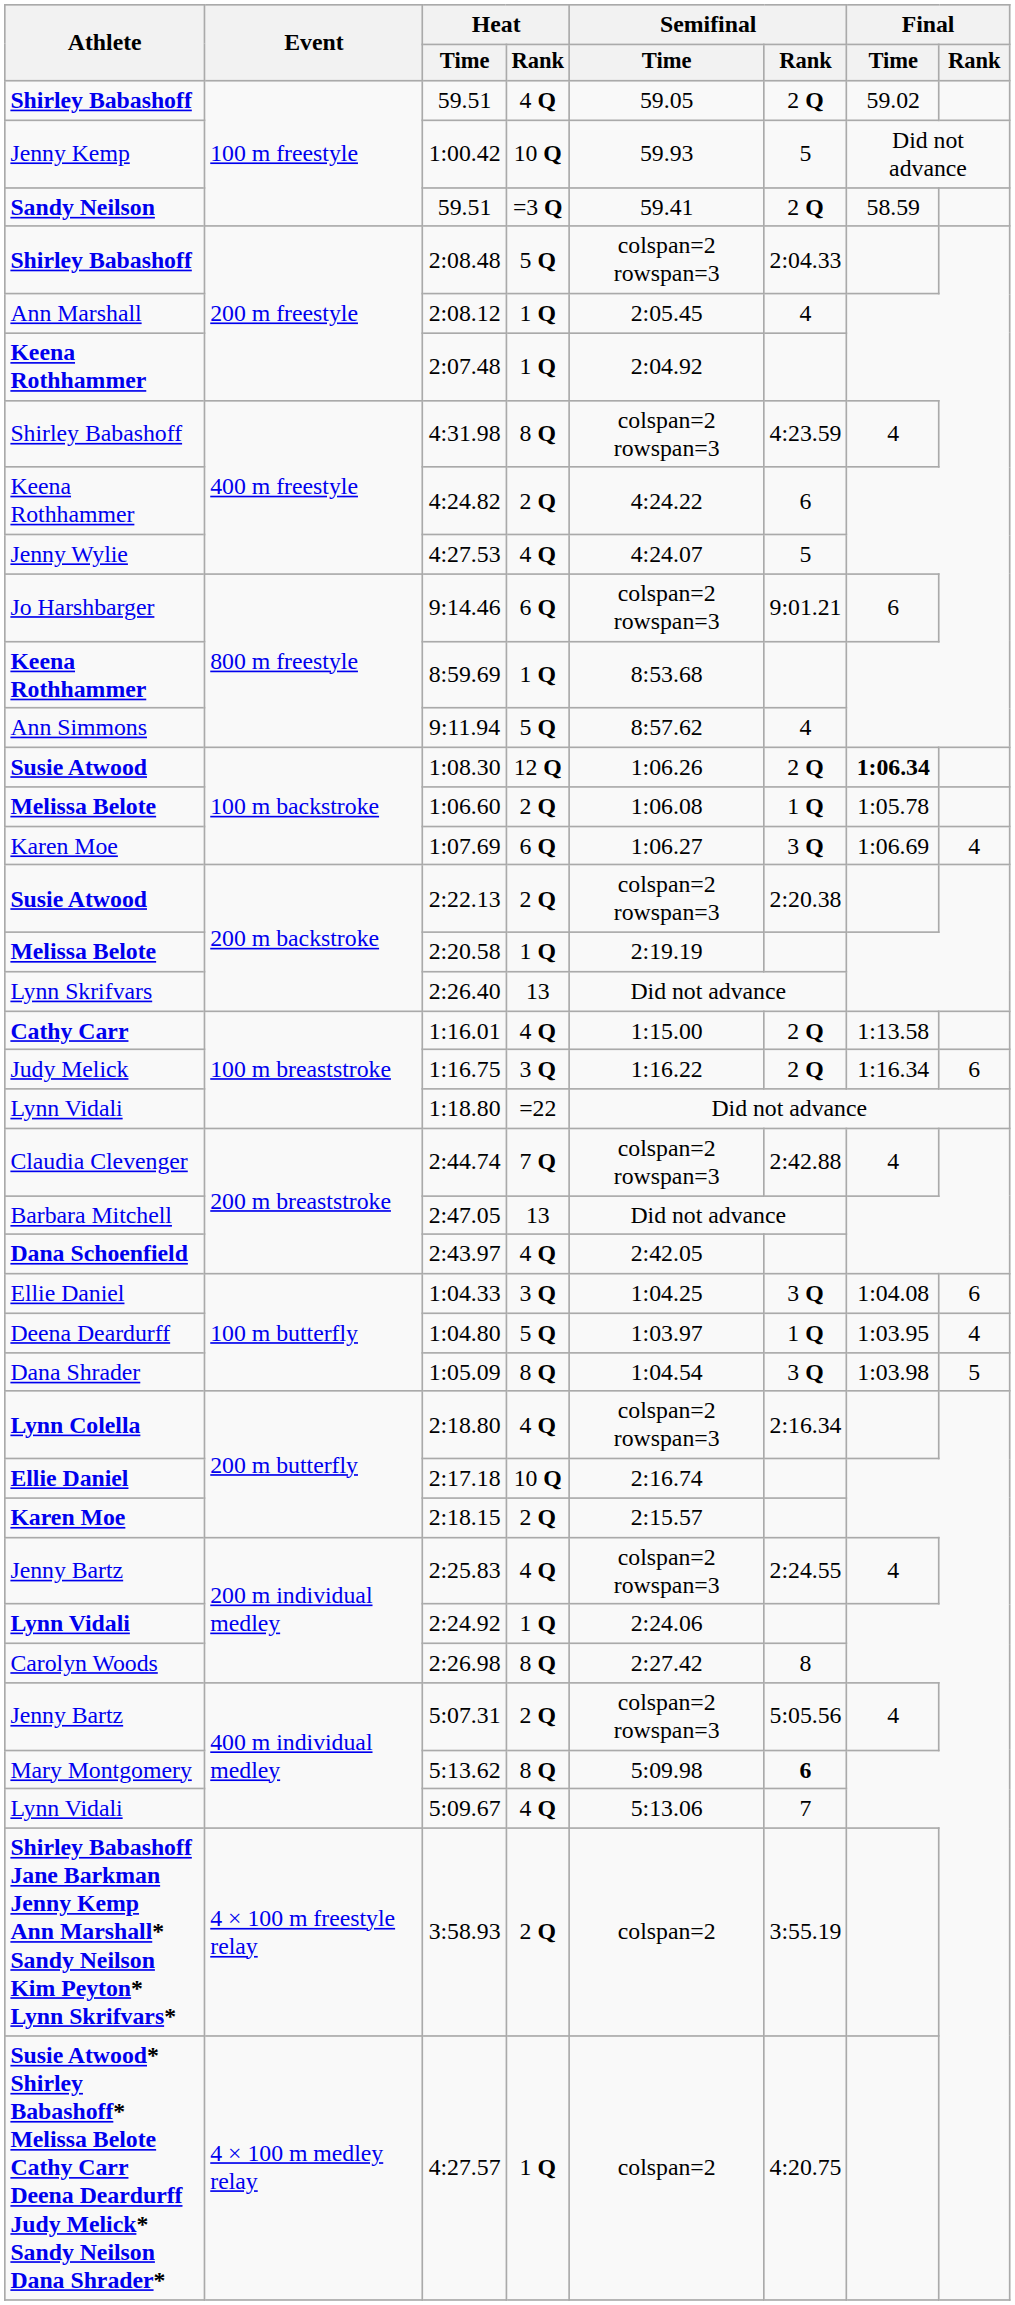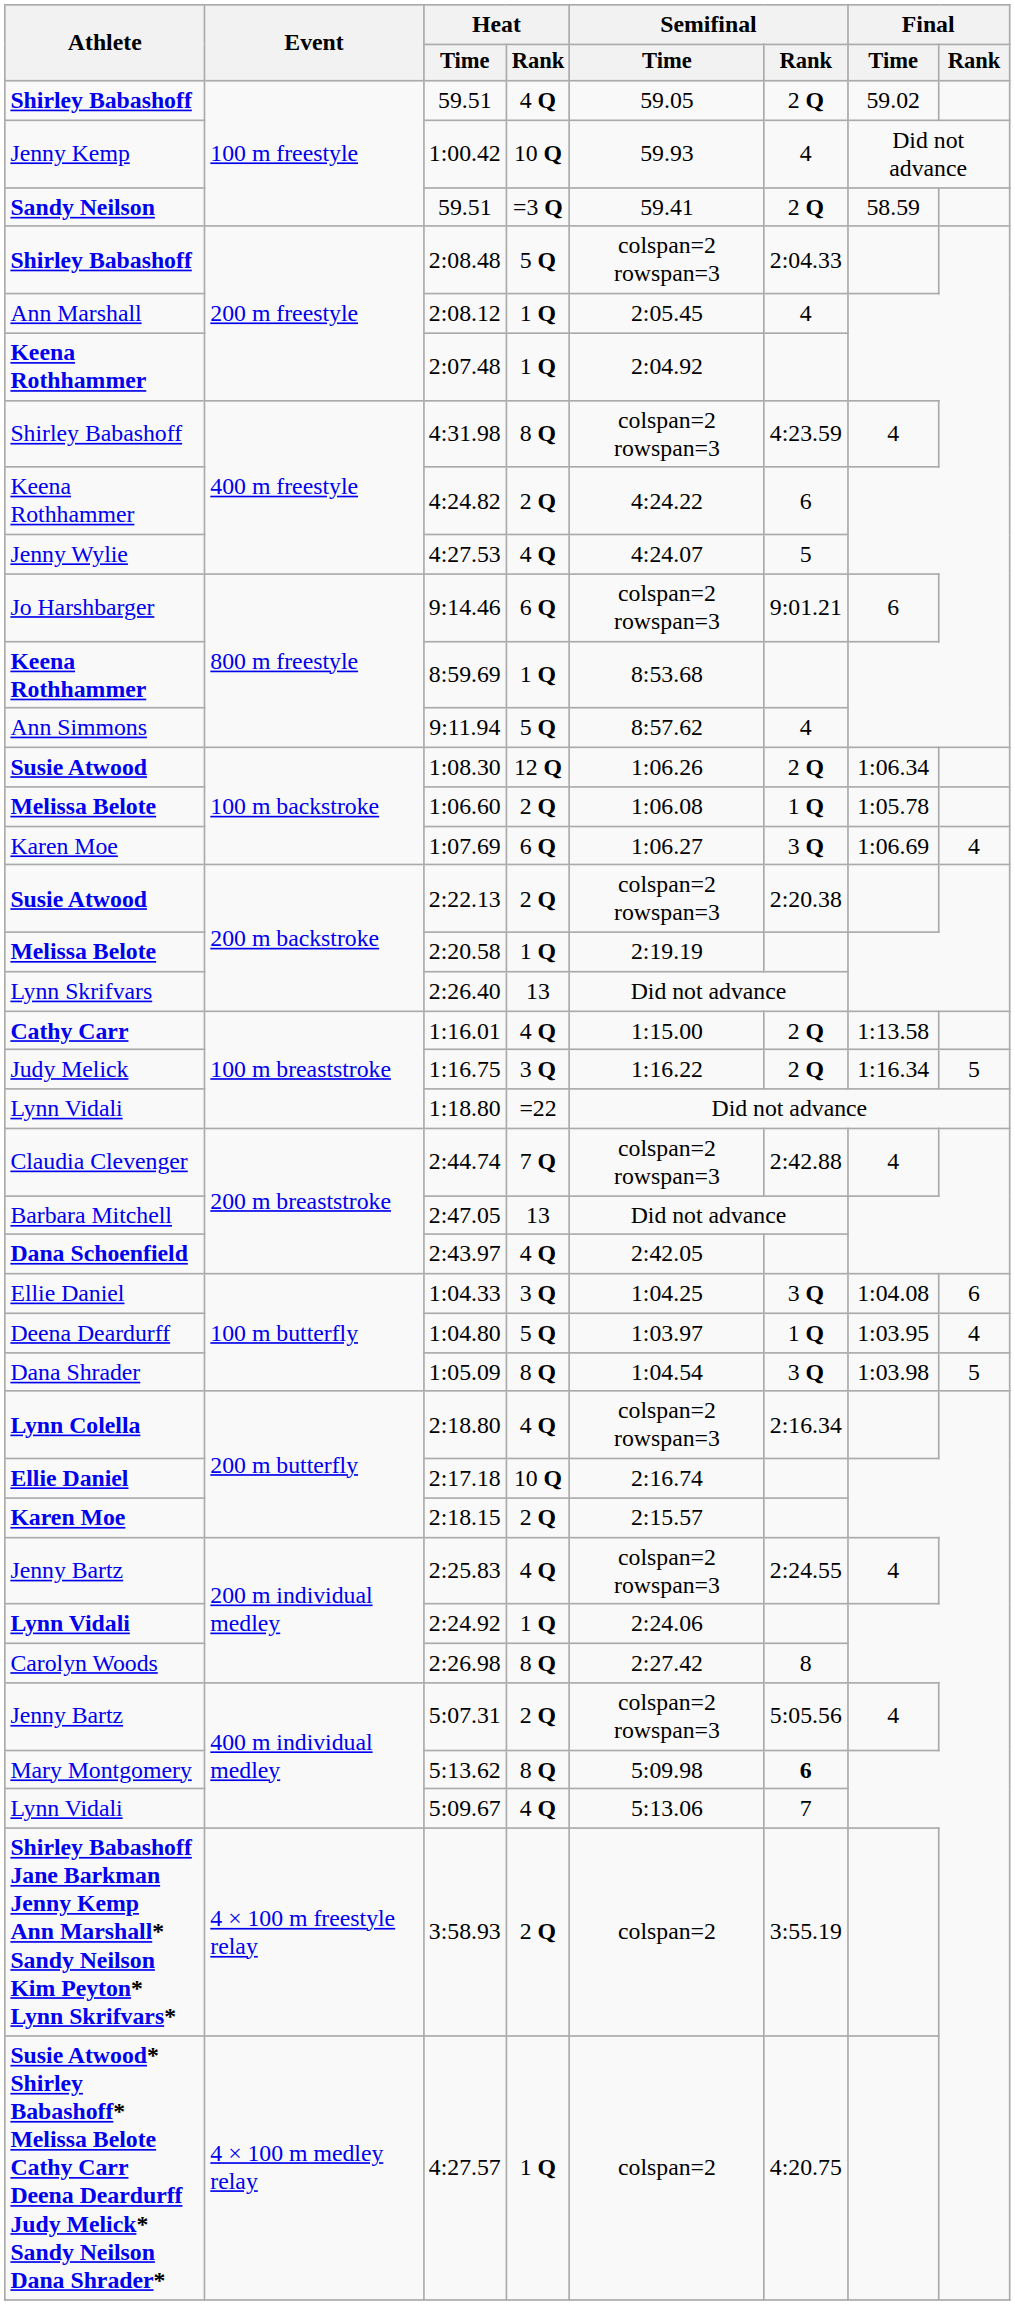 <table class=wikitable style=font-size:90%;text-align:center>
 <tr>
 <th rowspan=2>Athlete</th>
 <th rowspan=2>Event</th>
 <th colspan=2>Heat</th>
 <th colspan=2>Semifinal</th>
 <th colspan=2>Final</th>
 </tr>
 <tr style=font-size:95%>
 <th>Time</th>
 <th>Rank</th>
 <th>Time</th>
 <th>Rank</th>
 <th>Time</th>
 <th>Rank</th>
 </tr>
 <tr>
 <td align=left><strong><a href='#'>Shirley Babashoff</a></strong></td>
 <td align=left rowspan=3><a href='#'>100 m freestyle</a></td>
 <td>59.51</td>
 <td>4 <strong>Q</strong></td>
 <td>59.05 </td>
 <td>2 <strong>Q</strong></td>
 <td>59.02</td>
 <td></td>
 </tr>
 <tr>
 <td align=left><a href='#'>Jenny Kemp</a></td>
 <td>1:00.42</td>
 <td>10 <strong>Q</strong></td>
 <td>59.93</td>
-<td>5</td>
+<td>4</td>
 <td colspan=2>Did not advance</td>
 </tr>
 <tr>
 <td align=left><strong><a href='#'>Sandy Neilson</a></strong></td>
 <td>59.51</td>
 <td>=3 <strong>Q</strong></td>
 <td>59.41</td>
 <td>2 <strong>Q</strong></td>
 <td>58.59 </td>
 <td></td>
 </tr>
 <tr>
 <td align=left><strong><a href='#'>Shirley Babashoff</a></strong></td>
 <td align=left rowspan=3><a href='#'>200 m freestyle</a></td>
 <td>2:08.48</td>
 <td>5 <strong>Q</strong></td>
 <td>colspan=2 rowspan=3 </td>
 <td>2:04.33</td>
 <td></td>
 </tr>
 <tr>
 <td align=left><a href='#'>Ann Marshall</a></td>
 <td>2:08.12 </td>
 <td>1 <strong>Q</strong></td>
 <td>2:05.45</td>
 <td>4</td>
 </tr>
 <tr>
 <td align=left><strong><a href='#'>Keena Rothhammer</a></strong></td>
 <td>2:07.48 </td>
 <td>1 <strong>Q</strong></td>
 <td>2:04.92</td>
 <td></td>
 </tr>
 <tr>
 <td align=left><a href='#'>Shirley Babashoff</a></td>
 <td align=left rowspan=3><a href='#'>400 m freestyle</a></td>
 <td>4:31.98</td>
 <td>8 <strong>Q</strong></td>
 <td>colspan=2 rowspan=3 </td>
 <td>4:23.59</td>
 <td>4</td>
 </tr>
 <tr>
 <td align=left><a href='#'>Keena Rothhammer</a></td>
 <td>4:24.82</td>
 <td>2 <strong>Q</strong></td>
 <td>4:24.22</td>
 <td>6</td>
 </tr>
 <tr>
 <td align=left><a href='#'>Jenny Wylie</a></td>
 <td>4:27.53 </td>
 <td>4 <strong>Q</strong></td>
 <td>4:24.07</td>
 <td>5</td>
 </tr>
 <tr>
 <td align=left><a href='#'>Jo Harshbarger</a></td>
 <td align=left rowspan=3><a href='#'>800 m freestyle</a></td>
 <td>9:14.46</td>
 <td>6 <strong>Q</strong></td>
 <td>colspan=2 rowspan=3 </td>
 <td>9:01.21</td>
 <td>6</td>
 </tr>
 <tr>
 <td align=left><strong><a href='#'>Keena Rothhammer</a></strong></td>
 <td>8:59.69</td>
 <td>1 <strong>Q</strong></td>
 <td>8:53.68 </td>
 <td></td>
 </tr>
 <tr>
 <td align=left><a href='#'>Ann Simmons</a></td>
 <td>9:11.94</td>
 <td>5 <strong>Q</strong></td>
 <td>8:57.62</td>
 <td>4</td>
 </tr>
 <tr>
 <td align=left><strong><a href='#'>Susie Atwood</a></strong></td>
 <td align=left rowspan=3><a href='#'>100 m backstroke</a></td>
 <td>1:08.30</td>
 <td>12 <strong>Q</strong></td>
 <td>1:06.26</td>
 <td>2 <strong>Q</strong></td>
-<td><strong>1:06.34</strong></td>
+<td>1:06.34</td>
 <td></td>
 </tr>
 <tr>
 <td align=left><strong><a href='#'>Melissa Belote</a></strong></td>
 <td>1:06.60</td>
 <td>2 <strong>Q</strong></td>
 <td>1:06.08 </td>
 <td>1 <strong>Q</strong></td>
 <td>1:05.78 </td>
 <td></td>
 </tr>
 <tr>
 <td align=left><a href='#'>Karen Moe</a></td>
 <td>1:07.69</td>
 <td>6 <strong>Q</strong></td>
 <td>1:06.27</td>
 <td>3 <strong>Q</strong></td>
 <td>1:06.69</td>
 <td>4</td>
 </tr>
 <tr>
 <td align=left><strong><a href='#'>Susie Atwood</a></strong></td>
 <td align=left rowspan=3><a href='#'>200 m backstroke</a></td>
 <td>2:22.13</td>
 <td>2 <strong>Q</strong></td>
 <td>colspan=2 rowspan=3 </td>
 <td>2:20.38</td>
 <td></td>
 </tr>
 <tr>
 <td align=left><strong><a href='#'>Melissa Belote</a></strong></td>
 <td>2:20.58</td>
 <td>1 <strong>Q</strong></td>
 <td>2:19.19 </td>
 <td></td>
 </tr>
 <tr>
 <td align=left><a href='#'>Lynn Skrifvars</a></td>
 <td>2:26.40</td>
 <td>13</td>
 <td colspan=2>Did not advance</td>
 </tr>
 <tr>
 <td align=left><strong><a href='#'>Cathy Carr</a></strong></td>
 <td align=left rowspan=3><a href='#'>100 m breaststroke</a></td>
 <td>1:16.01</td>
 <td>4 <strong>Q</strong></td>
 <td>1:15.00 </td>
 <td>2 <strong>Q</strong></td>
 <td>1:13.58 </td>
 <td></td>
 </tr>
 <tr>
 <td align=left><a href='#'>Judy Melick</a></td>
 <td>1:16.75</td>
 <td>3 <strong>Q</strong></td>
 <td>1:16.22</td>
 <td>2 <strong>Q</strong></td>
 <td>1:16.34</td>
-<td>6</td>
+<td>5</td>
 </tr>
 <tr>
 <td align=left><a href='#'>Lynn Vidali</a></td>
 <td>1:18.80</td>
 <td>=22</td>
 <td colspan=4>Did not advance</td>
 </tr>
 <tr>
 <td align=left><a href='#'>Claudia Clevenger</a></td>
 <td align=left rowspan=3><a href='#'>200 m breaststroke</a></td>
 <td>2:44.74</td>
 <td>7 <strong>Q</strong></td>
 <td>colspan=2 rowspan=3 </td>
 <td>2:42.88</td>
 <td>4</td>
 </tr>
 <tr>
 <td align=left><a href='#'>Barbara Mitchell</a></td>
 <td>2:47.05</td>
 <td>13</td>
 <td colspan=2>Did not advance</td>
 </tr>
 <tr>
 <td align=left><strong><a href='#'>Dana Schoenfield</a></strong></td>
 <td>2:43.97</td>
 <td>4 <strong>Q</strong></td>
 <td>2:42.05</td>
 <td></td>
 </tr>
 <tr>
 <td align=left><a href='#'>Ellie Daniel</a></td>
 <td align=left rowspan=3><a href='#'>100 m butterfly</a></td>
 <td>1:04.33</td>
 <td>3 <strong>Q</strong></td>
 <td>1:04.25</td>
 <td>3 <strong>Q</strong></td>
 <td>1:04.08</td>
 <td>6</td>
 </tr>
 <tr>
 <td align=left><a href='#'>Deena Deardurff</a></td>
 <td>1:04.80</td>
 <td>5 <strong>Q</strong></td>
 <td>1:03.97</td>
 <td>1 <strong>Q</strong></td>
 <td>1:03.95</td>
 <td>4</td>
 </tr>
 <tr>
 <td align=left><a href='#'>Dana Shrader</a></td>
 <td>1:05.09</td>
 <td>8 <strong>Q</strong></td>
 <td>1:04.54</td>
 <td>3 <strong>Q</strong></td>
 <td>1:03.98</td>
 <td>5</td>
 </tr>
 <tr>
 <td align=left><strong><a href='#'>Lynn Colella</a></strong></td>
 <td align=left rowspan=3><a href='#'>200 m butterfly</a></td>
 <td>2:18.80</td>
 <td>4 <strong>Q</strong></td>
 <td>colspan=2 rowspan=3 </td>
 <td>2:16.34</td>
 <td></td>
 </tr>
 <tr>
 <td align=left><strong><a href='#'>Ellie Daniel</a></strong></td>
 <td>2:17.18 </td>
 <td>10 <strong>Q</strong></td>
 <td>2:16.74</td>
 <td></td>
 </tr>
 <tr>
 <td align=left><strong><a href='#'>Karen Moe</a></strong></td>
 <td>2:18.15</td>
 <td>2 <strong>Q</strong></td>
 <td>2:15.57 </td>
 <td></td>
 </tr>
 <tr>
 <td align=left><a href='#'>Jenny Bartz</a></td>
 <td align=left rowspan=3><a href='#'>200 m individual medley</a></td>
 <td>2:25.83</td>
 <td>4 <strong>Q</strong></td>
 <td>colspan=2 rowspan=3 </td>
 <td>2:24.55</td>
 <td>4</td>
 </tr>
 <tr>
 <td align=left><strong><a href='#'>Lynn Vidali</a></strong></td>
 <td>2:24.92</td>
 <td>1 <strong>Q</strong></td>
 <td>2:24.06</td>
 <td></td>
 </tr>
 <tr>
 <td align=left><a href='#'>Carolyn Woods</a></td>
 <td>2:26.98</td>
 <td>8 <strong>Q</strong></td>
 <td>2:27.42</td>
 <td>8</td>
 </tr>
 <tr>
 <td align=left><a href='#'>Jenny Bartz</a></td>
 <td align=left rowspan=3><a href='#'>400 m individual medley</a></td>
 <td>5:07.31</td>
 <td>2 <strong>Q</strong></td>
 <td>colspan=2 rowspan=3 </td>
 <td>5:05.56</td>
 <td>4</td>
 </tr>
 <tr>
 <td align=left><a href='#'>Mary Montgomery</a></td>
 <td>5:13.62</td>
 <td>8 <strong>Q</strong></td>
 <td>5:09.98</td>
 <td><strong>6</strong></td>
 </tr>
 <tr>
 <td align=left><a href='#'>Lynn Vidali</a></td>
 <td>5:09.67</td>
 <td>4 <strong>Q</strong></td>
 <td>5:13.06</td>
 <td>7</td>
 </tr>
 <tr>
 <td align=left><strong><a href='#'>Shirley Babashoff</a><br><a href='#'>Jane Barkman</a><br><a href='#'>Jenny Kemp</a><br><a href='#'>Ann Marshall</a>*<br><a href='#'>Sandy Neilson</a><br><a href='#'>Kim Peyton</a>*<br><a href='#'>Lynn Skrifvars</a>*</strong></td>
 <td align=left><a href='#'>4 × 100 m freestyle relay</a></td>
 <td>3:58.93</td>
 <td>2 <strong>Q</strong></td>
 <td>colspan=2 </td>
 <td>3:55.19 </td>
 <td></td>
 </tr>
 <tr>
 <td align=left><strong><a href='#'>Susie Atwood</a>*<br><a href='#'>Shirley Babashoff</a>*<br><a href='#'>Melissa Belote</a><br><a href='#'>Cathy Carr</a><br><a href='#'>Deena Deardurff</a><br><a href='#'>Judy Melick</a>*<br><a href='#'>Sandy Neilson</a><br><a href='#'>Dana Shrader</a>*</strong></td>
 <td align=left><a href='#'>4 × 100 m medley relay</a></td>
 <td>4:27.57</td>
 <td>1 <strong>Q</strong></td>
 <td>colspan=2 </td>
 <td>4:20.75 </td>
 <td></td>
 </tr>
 </table>
